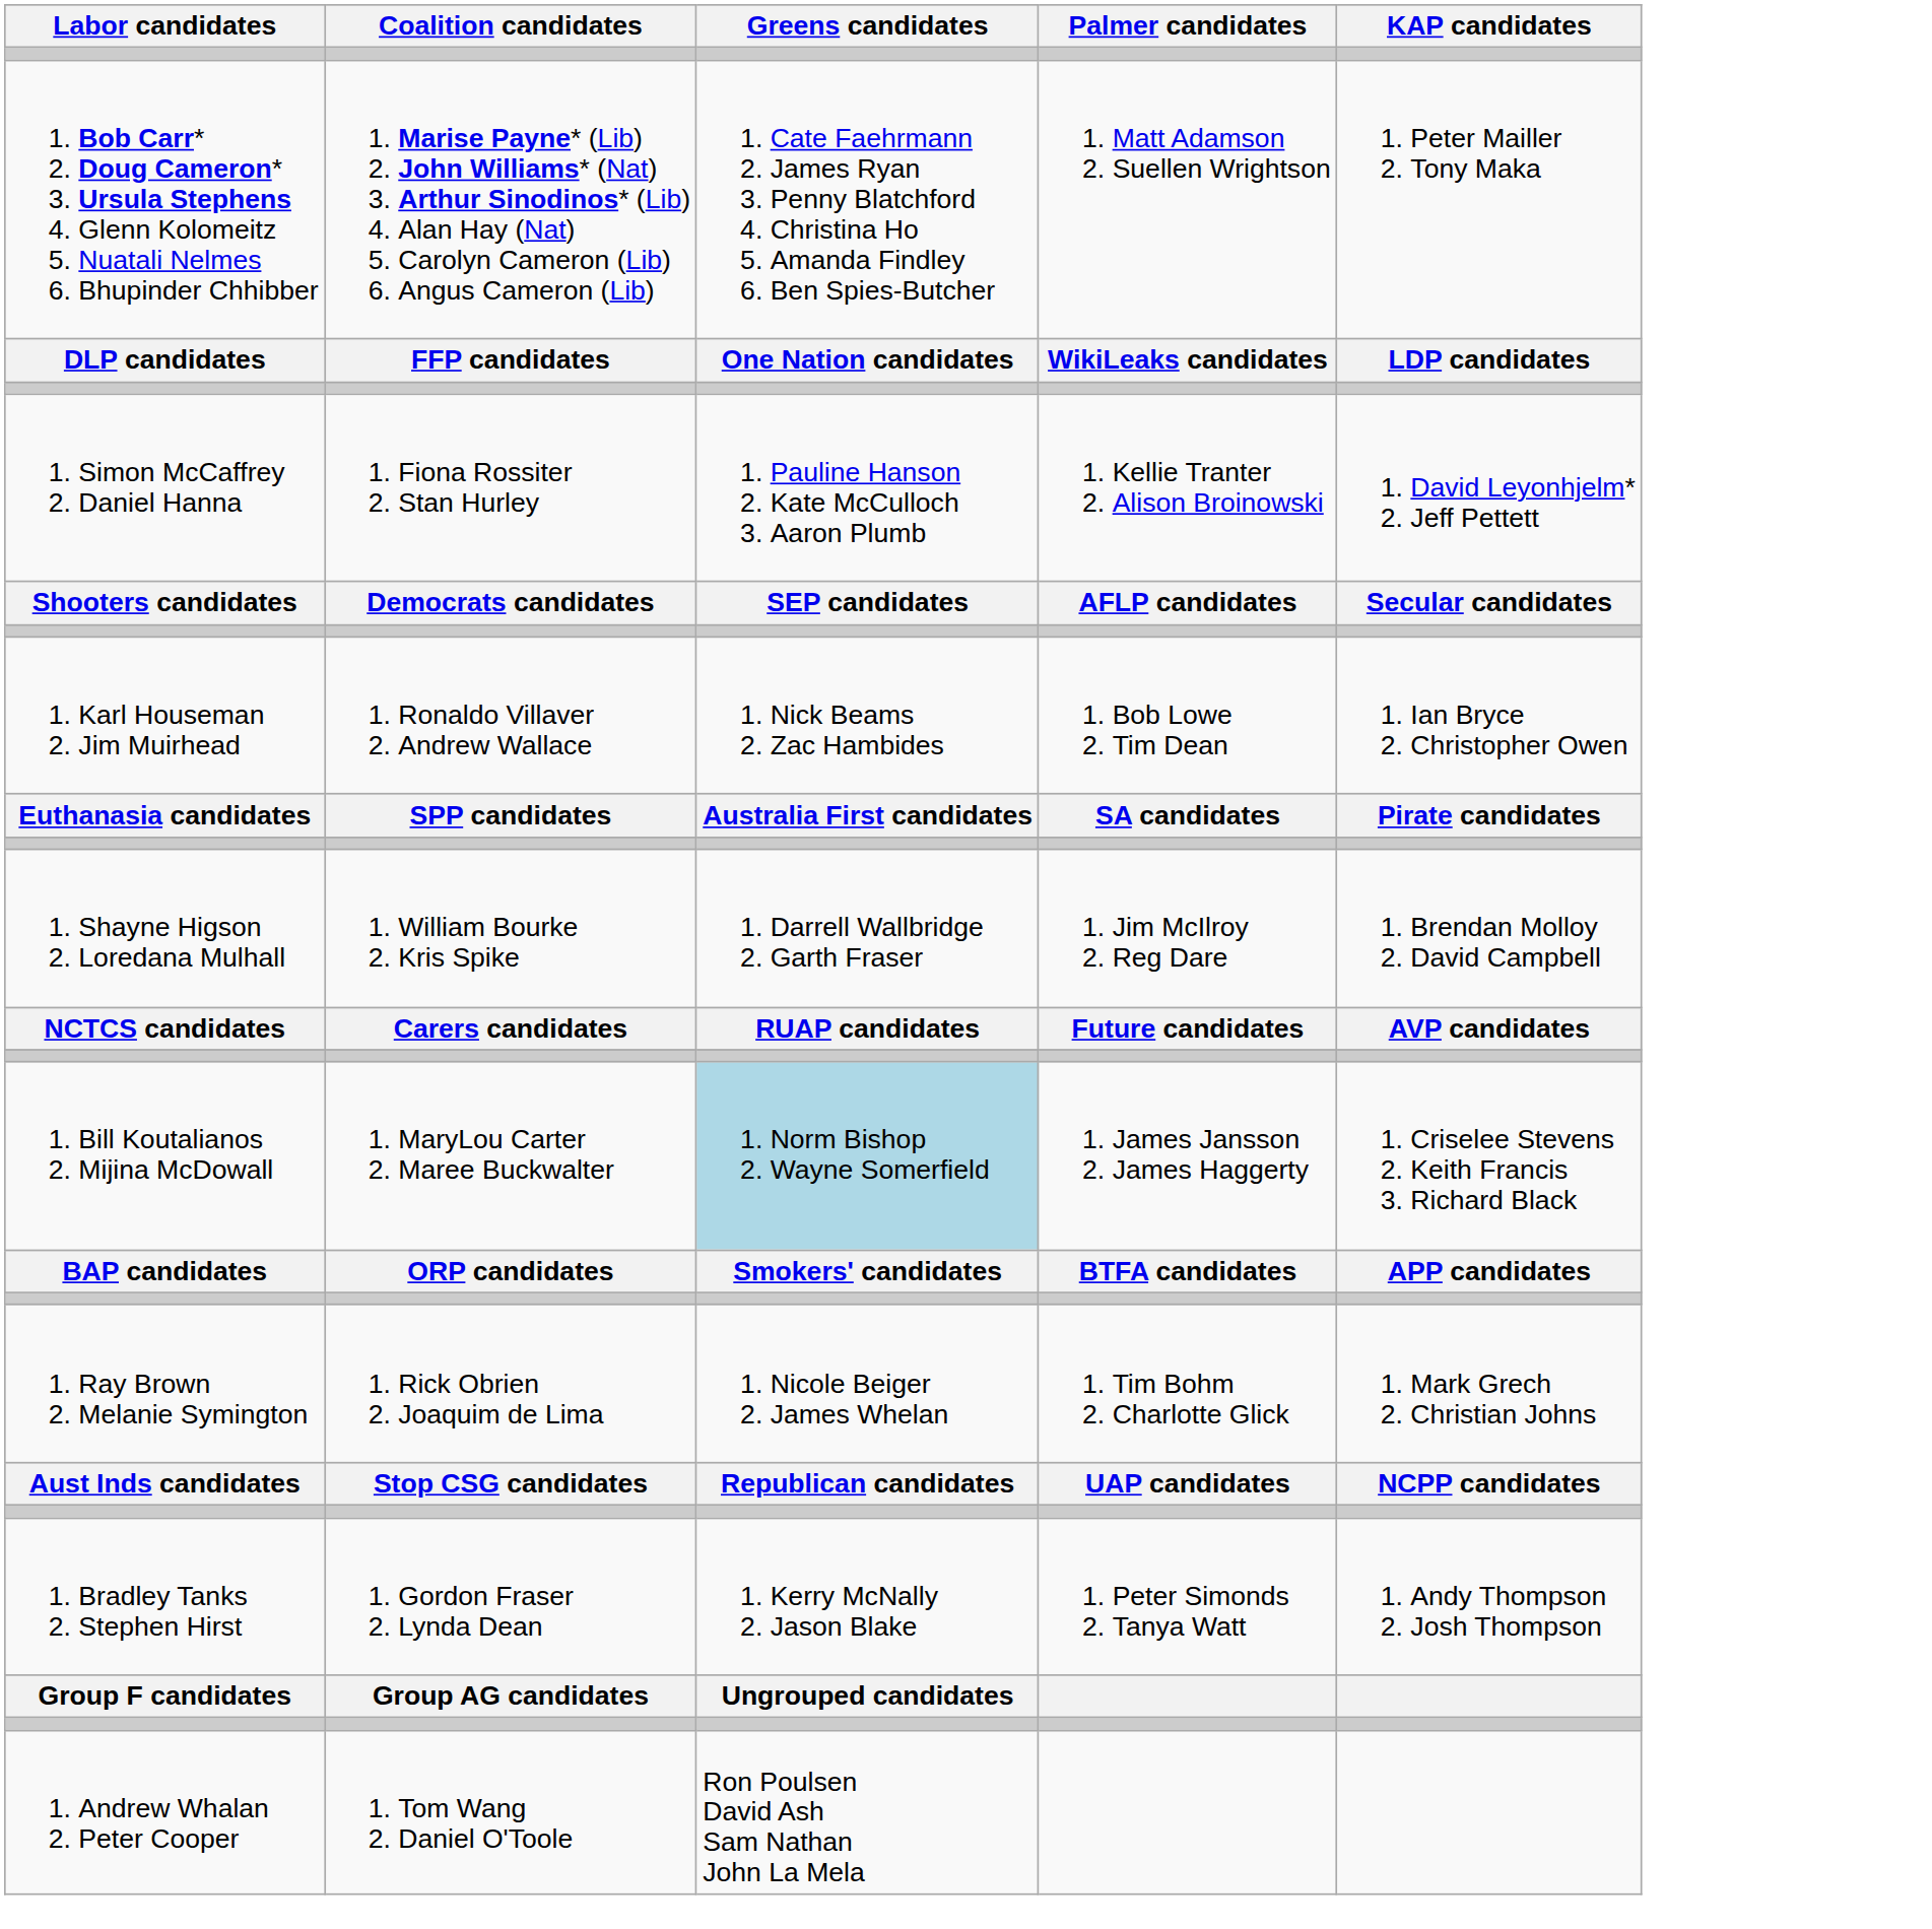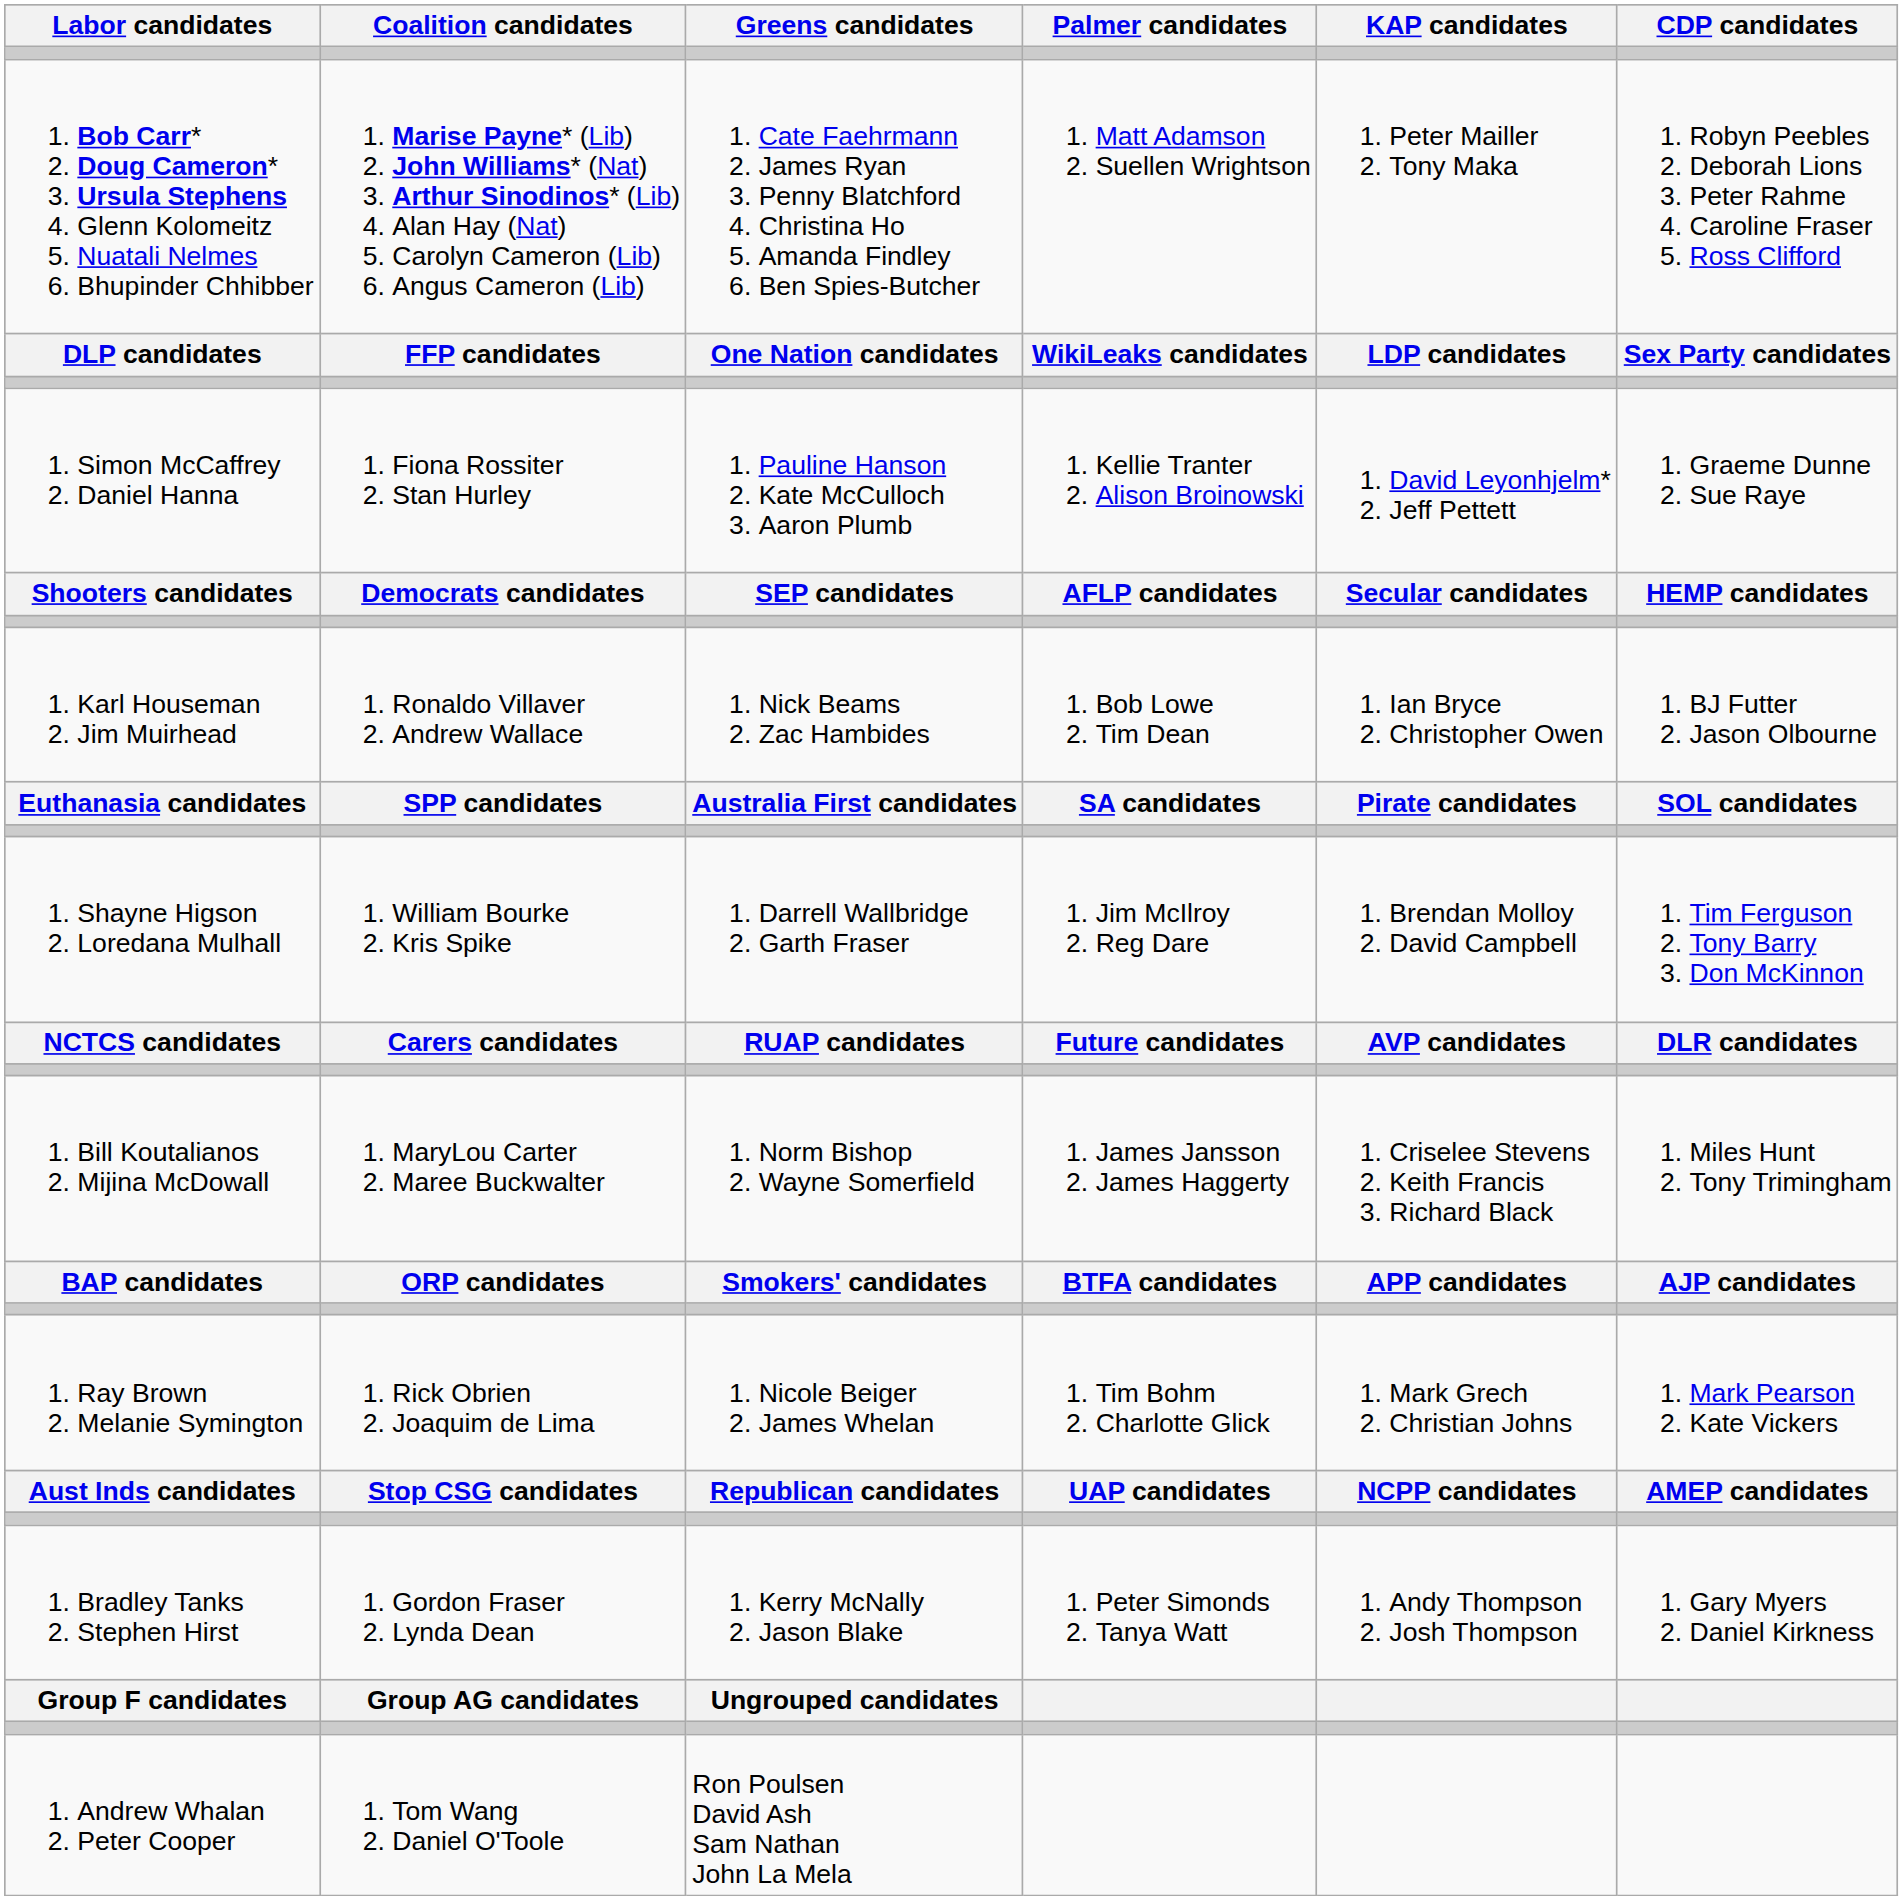 <table class="wikitable">
 <tr>
 <th><a href='#'>Labor</a> candidates</th>
 <th><a href='#'>Coalition</a> candidates</th>
 <th><a href='#'>Greens</a> candidates</th>
 <th><a href='#'>Palmer</a> candidates</th>
 <th><a href='#'>KAP</a> candidates</th>
+<th><a href='#'>CDP</a> candidates</th>
 </tr>
 <tr style="background:#ccc;">
+<td></td>
 <td></td>
 <td></td>
 <td></td>
 <td></td>
 <td></td>
 </tr>
 <tr>
 <td><br><ol><li><strong><a href='#'>Bob Carr</a></strong>*</li><li><strong><a href='#'>Doug Cameron</a></strong>*</li><li><strong><a href='#'>Ursula Stephens</a></strong></li><li>Glenn Kolomeitz</li><li><a href='#'>Nuatali Nelmes</a></li><li>Bhupinder Chhibber</li></ol></td>
 <td><br><ol><li><strong><a href='#'>Marise Payne</a></strong>* (<a href='#'>Lib</a>)</li><li><strong><a href='#'>John Williams</a></strong>* (<a href='#'>Nat</a>)</li><li><strong><a href='#'>Arthur Sinodinos</a></strong>* (<a href='#'>Lib</a>)</li><li>Alan Hay (<a href='#'>Nat</a>)</li><li>Carolyn Cameron (<a href='#'>Lib</a>)</li><li>Angus Cameron (<a href='#'>Lib</a>)</li></ol></td>
 <td valign=top><br><ol><li><a href='#'>Cate Faehrmann</a></li><li>James Ryan</li><li>Penny Blatchford</li><li>Christina Ho</li><li>Amanda Findley</li><li>Ben Spies-Butcher</li></ol></td>
 <td valign=top><br><ol><li><a href='#'>Matt Adamson</a></li><li>Suellen Wrightson</li></ol></td>
 <td valign=top><br><ol><li>Peter Mailler</li><li>Tony Maka</li></ol></td>
+<td valign=top><br><ol><li>Robyn Peebles</li><li>Deborah Lions</li><li>Peter Rahme</li><li>Caroline Fraser</li><li><a href='#'>Ross Clifford</a></li></ol></td>
 </tr>
 <tr style="background:#ccc;">
 <th><a href='#'>DLP</a> candidates</th>
 <th><a href='#'>FFP</a> candidates</th>
 <th><a href='#'>One Nation</a> candidates</th>
 <th><a href='#'>WikiLeaks</a> candidates</th>
 <th><a href='#'>LDP</a> candidates</th>
+<th><a href='#'>Sex Party</a> candidates</th>
 </tr>
 <tr style="background:#ccc;">
+<td></td>
 <td></td>
 <td></td>
 <td></td>
 <td></td>
 <td></td>
 </tr>
 <tr>
 <td valign=top><br><ol><li>Simon McCaffrey</li><li>Daniel Hanna</li></ol></td>
 <td valign=top><br><ol><li>Fiona Rossiter</li><li>Stan Hurley</li></ol></td>
 <td valign=top><br><ol><li><a href='#'>Pauline Hanson</a></li><li>Kate McCulloch</li><li>Aaron Plumb</li></ol></td>
 <td valign=top><br><ol><li>Kellie Tranter</li><li><a href='#'>Alison Broinowski</a></li></ol></td>
 <td><br><ol><li><a href='#'>David Leyonhjelm</a>*</li><li>Jeff Pettett</li></ol></td>
+<td valign=top><br><ol><li>Graeme Dunne</li><li>Sue Raye</li></ol></td>
 </tr>
 <tr style="background:#ccc;">
 <th><a href='#'>Shooters</a> candidates</th>
 <th><a href='#'>Democrats</a> candidates</th>
 <th><a href='#'>SEP</a> candidates</th>
 <th><a href='#'>AFLP</a> candidates</th>
 <th><a href='#'>Secular</a> candidates</th>
+<th><a href='#'>HEMP</a> candidates</th>
 </tr>
 <tr style="background:#ccc;">
+<td></td>
 <td></td>
 <td></td>
 <td></td>
 <td></td>
 <td></td>
 </tr>
 <tr>
 <td valign=top><br><ol><li>Karl Houseman</li><li>Jim Muirhead</li></ol></td>
 <td valign=top><br><ol><li>Ronaldo Villaver</li><li>Andrew Wallace</li></ol></td>
 <td valign=top><br><ol><li>Nick Beams</li><li>Zac Hambides</li></ol></td>
 <td valign=top><br><ol><li>Bob Lowe</li><li>Tim Dean</li></ol></td>
 <td valign=top><br><ol><li>Ian Bryce</li><li>Christopher Owen</li></ol></td>
+<td valign=top><br><ol><li>BJ Futter</li><li>Jason Olbourne</li></ol></td>
 </tr>
 <tr style="background:#ccc;">
 <th><a href='#'>Euthanasia</a> candidates</th>
 <th><a href='#'>SPP</a> candidates</th>
 <th><a href='#'>Australia First</a> candidates</th>
 <th><a href='#'>SA</a> candidates</th>
 <th><a href='#'>Pirate</a> candidates</th>
+<th><a href='#'>SOL</a> candidates</th>
 </tr>
 <tr style="background:#ccc;">
+<td></td>
 <td></td>
 <td></td>
 <td></td>
 <td></td>
 <td></td>
 </tr>
 <tr>
 <td valign=top><br><ol><li>Shayne Higson</li><li>Loredana Mulhall</li></ol></td>
 <td valign=top><br><ol><li>William Bourke</li><li>Kris Spike</li></ol></td>
 <td valign=top><br><ol><li>Darrell Wallbridge</li><li>Garth Fraser</li></ol></td>
 <td valign=top><br><ol><li>Jim McIlroy</li><li>Reg Dare</li></ol></td>
 <td valign=top><br><ol><li>Brendan Molloy</li><li>David Campbell</li></ol></td>
+<td valign=top><br><ol><li><a href='#'>Tim Ferguson</a></li><li><a href='#'>Tony Barry</a></li><li><a href='#'>Don McKinnon</a></li></ol></td>
 </tr>
 <tr style="background:#ccc;">
 <th><a href='#'>NCTCS</a> candidates</th>
 <th><a href='#'>Carers</a> candidates</th>
 <th><a href='#'>RUAP</a> candidates</th>
 <th><a href='#'>Future</a> candidates</th>
 <th><a href='#'>AVP</a> candidates</th>
+<th><a href='#'>DLR</a> candidates</th>
 </tr>
 <tr style="background:#ccc;">
+<td></td>
 <td></td>
 <td></td>
 <td></td>
 <td></td>
 <td></td>
 </tr>
 <tr>
 <td valign=top><br><ol><li>Bill Koutalianos</li><li>Mijina McDowall</li></ol></td>
 <td valign=top><br><ol><li>MaryLou Carter</li><li>Maree Buckwalter</li></ol></td>
-<td valign=top style="background: lightblue;"><br><ol><li>Norm Bishop</li><li>Wayne Somerfield</li></ol></td>
+<td valign=top><br><ol><li>Norm Bishop</li><li>Wayne Somerfield</li></ol></td>
 <td valign=top><br><ol><li>James Jansson</li><li>James Haggerty</li></ol></td>
 <td valign=top><br><ol><li>Criselee Stevens</li><li>Keith Francis</li><li>Richard Black</li></ol></td>
+<td valign=top><br><ol><li>Miles Hunt</li><li>Tony Trimingham</li></ol></td>
 </tr>
 <tr style="background:#ccc;">
 <th><a href='#'>BAP</a> candidates</th>
 <th><a href='#'>ORP</a> candidates</th>
 <th><a href='#'>Smokers'</a> candidates</th>
 <th><a href='#'>BTFA</a> candidates</th>
 <th><a href='#'>APP</a> candidates</th>
+<th><a href='#'>AJP</a> candidates</th>
 </tr>
 <tr style="background:#ccc;">
+<td></td>
 <td></td>
 <td></td>
 <td></td>
 <td></td>
 <td></td>
 </tr>
 <tr>
 <td valign=top><br><ol><li>Ray Brown</li><li>Melanie Symington</li></ol></td>
 <td valign=top><br><ol><li>Rick Obrien</li><li>Joaquim de Lima</li></ol></td>
 <td valign=top><br><ol><li>Nicole Beiger</li><li>James Whelan</li></ol></td>
 <td Valign=top><br><ol><li>Tim Bohm</li><li>Charlotte Glick</li></ol></td>
 <td valign=top><br><ol><li>Mark Grech</li><li>Christian Johns</li></ol></td>
+<td valign=top><br><ol><li><a href='#'>Mark Pearson</a></li><li>Kate Vickers</li></ol></td>
 </tr>
 <tr style="background:#ccc;">
 <th><a href='#'>Aust Inds</a> candidates</th>
 <th><a href='#'>Stop CSG</a> candidates</th>
 <th><a href='#'>Republican</a> candidates</th>
 <th><a href='#'>UAP</a> candidates</th>
 <th><a href='#'>NCPP</a> candidates</th>
+<th><a href='#'>AMEP</a> candidates</th>
 </tr>
 <tr style="background:#ccc;">
+<td></td>
 <td></td>
 <td></td>
 <td></td>
 <td></td>
 <td></td>
 </tr>
 <tr>
 <td valign=top><br><ol><li>Bradley Tanks</li><li>Stephen Hirst</li></ol></td>
 <td valign=top><br><ol><li>Gordon Fraser</li><li>Lynda Dean</li></ol></td>
 <td valign=top><br><ol><li>Kerry McNally</li><li>Jason Blake</li></ol></td>
 <td valign=top><br><ol><li>Peter Simonds</li><li>Tanya Watt</li></ol></td>
 <td valign=top><br><ol><li>Andy Thompson</li><li>Josh Thompson</li></ol></td>
+<td valign=top><br><ol><li>Gary Myers</li><li>Daniel Kirkness</li></ol></td>
 </tr>
 <tr style="background:#ccc;">
 <th>Group F candidates</th>
 <th>Group AG candidates</th>
 <th>Ungrouped candidates</th>
 <th></th>
 <th></th>
+<th></th>
 </tr>
 <tr style="background:#ccc;">
+<td></td>
 <td></td>
 <td></td>
 <td></td>
 <td></td>
 <td></td>
 </tr>
 <tr>
 <td valign=top><br><ol><li>Andrew Whalan</li><li>Peter Cooper</li></ol></td>
 <td valign=top><br><ol><li>Tom Wang</li><li>Daniel O'Toole</li></ol></td>
 <td valign=top><br>Ron Poulsen <br> David Ash <br> Sam Nathan <br>  John La Mela</td>
 <td valign=top></td>
 <td valign=top></td>
+<td valign=top></td>
 </tr>
 </table>
